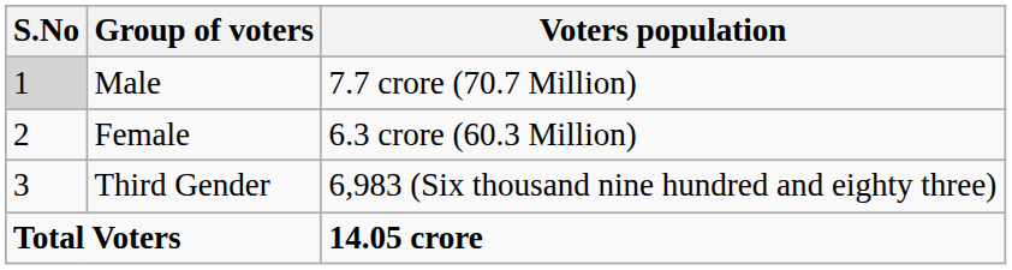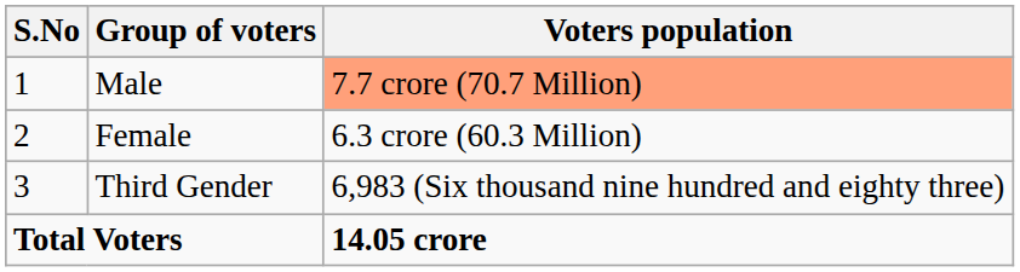 <table class="wikitable" |>
 <tr>
 <th>S.No</th>
 <th>Group of voters</th>
 <th>Voters population</th>
 </tr>
 <tr>
-<td style="background: lightgrey;">1</td>
+<td>1</td>
 <td>Male</td>
-<td>7.7 crore (70.7 Million)</td>
+<td style="background: lightsalmon;">7.7 crore (70.7 Million)</td>
 </tr>
 <tr>
 <td>2</td>
 <td>Female</td>
 <td>6.3 crore (60.3 Million)</td>
 </tr>
 <tr>
 <td>3</td>
 <td>Third Gender</td>
 <td>6,983 (Six thousand nine hundred and eighty three)</td>
 </tr>
 <tr>
 <td colspan="2"><strong>Total Voters</strong></td>
 <td><strong>14.05 crore</strong></td>
 </tr>
 </table>
